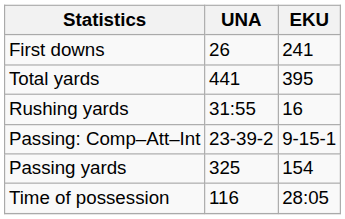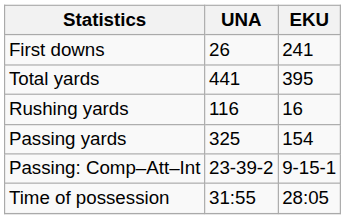 <table class="wikitable" style="float: left;">
 <tr>
 <th>Statistics</th>
 <th>UNA</th>
 <th>EKU</th>
 </tr>
 <tr>
 <td>First downs</td>
 <td>26</td>
 <td>241</td>
 </tr>
 <tr>
 <td>Total yards</td>
 <td>441</td>
 <td>395</td>
 </tr>
 <tr>
 <td>Rushing yards</td>
-<td>31:55</td>
+<td>116</td>
 <td>16</td>
+</tr>
+<tr>
+<td>Passing yards</td>
+<td>325</td>
+<td>154</td>
 </tr>
 <tr>
 <td>Passing: Comp–Att–Int</td>
 <td>23-39-2</td>
 <td>9-15-1</td>
 </tr>
 <tr>
-<td>Passing yards</td>
-<td>325</td>
-<td>154</td>
-</tr>
-<tr>
 <td>Time of possession</td>
-<td>116</td>
+<td>31:55</td>
 <td>28:05</td>
 </tr>
 <tr>
 </tr>
 </table>
